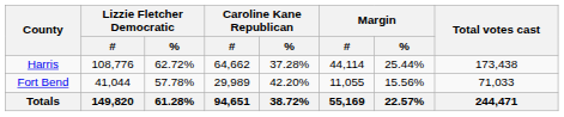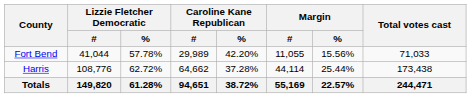 <table width="60%"  class="wikitable sortable" style="text-align:center">
 <tr>
 <th rowspan="2">County</th>
 <th style="text-align:center;" colspan="2">Lizzie Fletcher<br>Democratic</th>
 <th style="text-align:center;" colspan="2">Caroline Kane<br>Republican</th>
 <th style="text-align:center;" colspan="2">Margin</th>
 <th rowspan="2" style="text-align:center;">Total votes cast</th>
 </tr>
 <tr>
 <th style="text-align:center;" data-sort-type="number">#</th>
 <th style="text-align:center;" data-sort-type="number">%</th>
 <th style="text-align:center;" data-sort-type="number">#</th>
 <th style="text-align:center;" data-sort-type="number">%</th>
 <th style="text-align:center;" data-sort-type="number">#</th>
 <th style="text-align:center;" data-sort-type="number">%</th>
 </tr>
 <tr style="text-align:center;">
+<td style="color:black;background-color:"><a href='#'>Fort Bend</a></td>
+<td style="color:black;background-color:">41,044</td>
+<td style="color:black;background-color:">57.78%</td>
+<td style="background-color:">29,989</td>
+<td style="background-color:">42.20%</td>
+<td style="color:black;background-color:">11,055</td>
+<td style="color:black;background-color:">15.56%</td>
+<td style="color:black;background-color:">71,033</td>
+</tr>
+<tr style="text-align:center;">
 <td style="color:black;background-color:"><a href='#'>Harris</a></td>
 <td style="color:black;background-color:">108,776</td>
 <td style="color:black;background-color:">62.72%</td>
 <td style="background-color:">64,662</td>
 <td style="background-color:">37.28%</td>
 <td style="color:black;background-color:">44,114</td>
 <td style="color:black;background-color:">25.44%</td>
 <td style="color:black;background-color:">173,438</td>
-</tr>
-<tr style="text-align:center;">
-<td style="color:black;background-color:"><a href='#'>Fort Bend</a></td>
-<td style="color:black;background-color:">41,044</td>
-<td style="color:black;background-color:">57.78%</td>
-<td style="background-color:">29,989</td>
-<td style="background-color:">42.20%</td>
-<td style="color:black;background-color:">11,055</td>
-<td style="color:black;background-color:">15.56%</td>
-<td style="color:black;background-color:">71,033</td>
 </tr>
 <tr style="text-align:center;">
 <th>Totals</th>
 <th>149,820</th>
 <th>61.28%</th>
 <th>94,651</th>
 <th>38.72%</th>
 <th>55,169</th>
 <th>22.57%</th>
 <th>244,471</th>
 </tr>
 </table>
